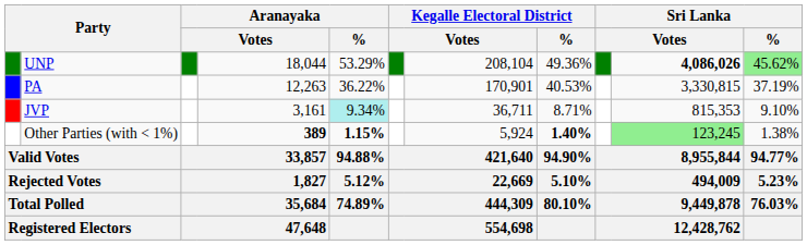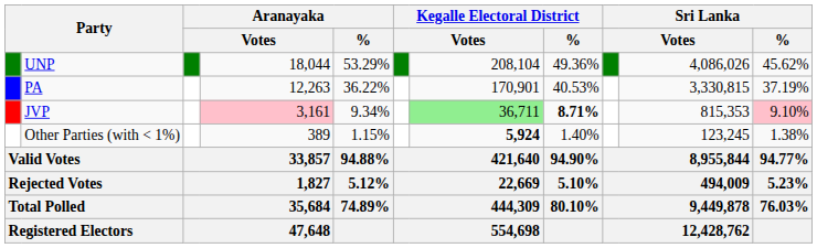 <table class="wikitable">
 <tr>
 <th colspan="2" width="144px"rowspan="2">Party</th>
 <th colspan="3" width="216px">Aranayaka</th>
 <th colspan="3" width="216px"><a href='#'>Kegalle Electoral District</a></th>
 <th colspan="3" width="216px">Sri Lanka</th>
 </tr>
 <tr>
 <th colspan="2" width="144px">Votes</th>
 <th>%</th>
 <th colspan="2" width="144px">Votes</th>
 <th>%</th>
 <th colspan="2" width="144px">Votes</th>
 <th>%</th>
 </tr>
 <tr>
 <td style="background-color:green;" width="10px"></td>
 <td style="text-align:left;"><a href='#'>UNP</a></td>
 <td style="background-color:green;" width="10px"></td>
 <td style="text-align:right;">18,044</td>
 <td style="text-align:right;">53.29%</td>
 <td style="background-color:green;" width="10px"></td>
 <td style="text-align:right;">208,104</td>
 <td style="text-align:right;">49.36%</td>
 <td style="background-color:green;" width="10px"></td>
-<td style="text-align:right;"><strong>4,086,026</strong></td>
-<td style="background: lightgreen; text-align:right;">45.62%</td>
+<td style="text-align:right;">4,086,026</td>
+<td style="text-align:right;">45.62%</td>
 </tr>
 <tr>
 <td style="background-color:blue;" width="10px"></td>
 <td style="text-align:left;"><a href='#'>PA</a></td>
 <td style="background-color:white;" width="10px"></td>
 <td style="text-align:right;">12,263</td>
 <td style="text-align:right;">36.22%</td>
 <td style="background-color:white;" width="10px"></td>
 <td style="text-align:right;">170,901</td>
 <td style="text-align:right;">40.53%</td>
 <td style="background-color:white;" width="10px"></td>
 <td style="text-align:right;">3,330,815</td>
 <td style="text-align:right;">37.19%</td>
 </tr>
 <tr>
 <td style="background-color:red;" width="10px"></td>
 <td style="text-align:left;"><a href='#'>JVP</a></td>
 <td style="background-color:white;" width="10px"></td>
-<td style="text-align:right;">3,161</td>
-<td style="background: paleturquoise; text-align:right;">9.34%</td>
+<td style="background: pink; text-align:right;">3,161</td>
+<td style="text-align:right;">9.34%</td>
 <td style="background-color:white;" width="10px"></td>
-<td style="text-align:right;">36,711</td>
-<td style="text-align:right;">8.71%</td>
+<td style="background: lightgreen; text-align:right;">36,711</td>
+<td style="text-align:right;"><strong>8.71%</strong></td>
 <td style="background-color:white;" width="10px"></td>
 <td style="text-align:right;">815,353</td>
-<td style="text-align:right;">9.10%</td>
+<td style="background: pink; text-align:right;">9.10%</td>
 </tr>
 <tr>
 <td style="background-color:white;" width="10px"></td>
 <td style="text-align:left;">Other Parties (with < 1%)</td>
 <td style="background-color:white;" width="10px"></td>
-<td style="text-align:right;"><strong>389</strong></td>
-<td style="text-align:right;"><strong>1.15%</strong></td>
+<td style="text-align:right;">389</td>
+<td style="text-align:right;">1.15%</td>
 <td style="background-color:white;" width="10px"></td>
-<td style="text-align:right;">5,924</td>
-<td style="text-align:right;"><strong>1.40%</strong></td>
+<td style="text-align:right;"><strong>5,924</strong></td>
+<td style="text-align:right;">1.40%</td>
 <td style="background-color:white;" width="10px"></td>
-<td style="background: lightgreen; text-align:right;">123,245</td>
+<td style="text-align:right;">123,245</td>
 <td style="text-align:right;">1.38%</td>
 </tr>
 <tr>
 <th colspan="2" width="144px"style="text-align:left;">Valid Votes</th>
 <th style="text-align:right;"colspan="2" width="144px">33,857</th>
 <th style="text-align:right;">94.88%</th>
 <th style="text-align:right;"colspan="2" width="144px">421,640</th>
 <th style="text-align:right;">94.90%</th>
 <th style="text-align:right;"colspan="2" width="144px">8,955,844</th>
 <th style="text-align:right;">94.77%</th>
 </tr>
 <tr>
 <th colspan="2" width="144px"style="text-align:left;">Rejected Votes</th>
 <th style="text-align:right;"colspan="2" width="144px">1,827</th>
 <th style="text-align:right;">5.12%</th>
 <th style="text-align:right;"colspan="2" width="144px">22,669</th>
 <th style="text-align:right;">5.10%</th>
 <th style="text-align:right;"colspan="2" width="144px">494,009</th>
 <th style="text-align:right;">5.23%</th>
 </tr>
 <tr>
 <th colspan="2" width="144px"style="text-align:left;">Total Polled</th>
 <th style="text-align:right;"colspan="2" width="144px">35,684</th>
 <th style="text-align:right;">74.89%</th>
 <th style="text-align:right;"colspan="2" width="144px">444,309</th>
 <th style="text-align:right;">80.10%</th>
 <th style="text-align:right;"colspan="2" width="144px">9,449,878</th>
 <th style="text-align:right;">76.03%</th>
 </tr>
 <tr>
 <th colspan="2" width="144px"style="text-align:left;">Registered Electors</th>
 <th style="text-align:right;"colspan="2" width="144px">47,648</th>
 <th></th>
 <th style="text-align:right;"colspan="2" width="144px">554,698</th>
 <th></th>
 <th style="text-align:right;"colspan="2" width="144px">12,428,762</th>
 <th></th>
 </tr>
 </table>
